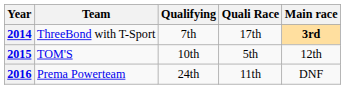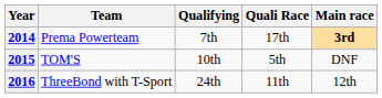 <table class="wikitable" style="text-align:center; font-size:90%">
 <tr>
 <th>Year</th>
 <th>Team</th>
 <th>Qualifying</th>
 <th>Quali Race</th>
 <th>Main race</th>
 </tr>
 <tr>
 <th><a href='#'>2014</a></th>
-<td align="left" nowrap> <a href='#'>ThreeBond</a> with T-Sport</td>
+<td align="left" nowrap> <a href='#'>Prema Powerteam</a></td>
 <td>7th</td>
 <td>17th</td>
 <td style="background:#FFDF9F"><strong>3rd</strong></td>
 </tr>
 <tr>
 <th><a href='#'>2015</a></th>
 <td align="left" nowrap> <a href='#'>TOM'S</a></td>
 <td>10th</td>
 <td>5th</td>
-<td>12th</td>
+<td>DNF</td>
 </tr>
 <tr>
 <th><a href='#'>2016</a></th>
-<td align="left" nowrap> <a href='#'>Prema Powerteam</a></td>
+<td align="left" nowrap> <a href='#'>ThreeBond</a> with T-Sport</td>
 <td>24th</td>
 <td>11th</td>
-<td>DNF</td>
+<td>12th</td>
 </tr>
 </table>
